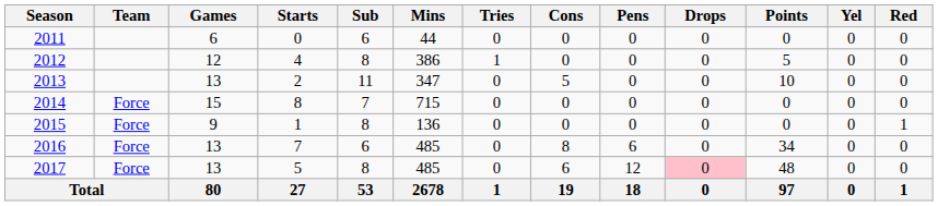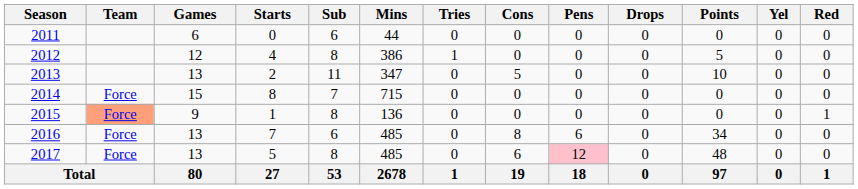 <table class="wikitable" style="text-align:center; line-height:90%; font-size:95%; width:70%;">
 <tr>
 <th>Season</th>
 <th>Team</th>
 <th>Games</th>
 <th>Starts</th>
 <th>Sub</th>
 <th>Mins</th>
 <th>Tries</th>
 <th>Cons</th>
 <th>Pens</th>
 <th>Drops</th>
 <th>Points</th>
 <th>Yel</th>
 <th>Red </th>
 </tr>
 <tr>
 <td><a href='#'>2011</a></td>
 <td></td>
 <td>6</td>
 <td>0</td>
 <td>6</td>
 <td>44</td>
 <td>0</td>
 <td>0</td>
 <td>0</td>
 <td>0</td>
 <td>0</td>
 <td>0</td>
 <td>0</td>
 </tr>
 <tr>
 <td><a href='#'>2012</a></td>
 <td></td>
 <td>12</td>
 <td>4</td>
 <td>8</td>
 <td>386</td>
 <td>1</td>
 <td>0</td>
 <td>0</td>
 <td>0</td>
 <td>5</td>
 <td>0</td>
 <td>0</td>
 </tr>
 <tr>
 <td><a href='#'>2013</a></td>
 <td></td>
 <td>13</td>
 <td>2</td>
 <td>11</td>
 <td>347</td>
 <td>0</td>
 <td>5</td>
 <td>0</td>
 <td>0</td>
 <td>10</td>
 <td>0</td>
 <td>0</td>
 </tr>
 <tr>
 <td><a href='#'>2014</a></td>
 <td><a href='#'>Force</a></td>
 <td>15</td>
 <td>8</td>
 <td>7</td>
 <td>715</td>
 <td>0</td>
 <td>0</td>
 <td>0</td>
 <td>0</td>
 <td>0</td>
 <td>0</td>
 <td>0</td>
 </tr>
 <tr>
 <td><a href='#'>2015</a></td>
-<td><a href='#'>Force</a></td>
+<td style="background: lightsalmon;"><a href='#'>Force</a></td>
 <td>9</td>
 <td>1</td>
 <td>8</td>
 <td>136</td>
 <td>0</td>
 <td>0</td>
 <td>0</td>
 <td>0</td>
 <td>0</td>
 <td>0</td>
 <td>1</td>
 </tr>
 <tr>
 <td><a href='#'>2016</a></td>
 <td><a href='#'>Force</a></td>
 <td>13</td>
 <td>7</td>
 <td>6</td>
 <td>485</td>
 <td>0</td>
 <td>8</td>
 <td>6</td>
 <td>0</td>
 <td>34</td>
 <td>0</td>
 <td>0</td>
 </tr>
 <tr>
 <td><a href='#'>2017</a></td>
 <td><a href='#'>Force</a></td>
 <td>13</td>
 <td>5</td>
 <td>8</td>
 <td>485</td>
 <td>0</td>
 <td>6</td>
-<td>12</td>
-<td style="background: pink;">0</td>
+<td style="background: pink;">12</td>
+<td>0</td>
 <td>48</td>
 <td>0</td>
 <td>0</td>
 </tr>
 <tr>
 <th colspan="2">Total</th>
 <th>80</th>
 <th>27</th>
 <th>53</th>
 <th>2678</th>
 <th>1</th>
 <th>19</th>
 <th>18</th>
 <th>0</th>
 <th>97</th>
 <th>0</th>
 <th>1</th>
 </tr>
 </table>
